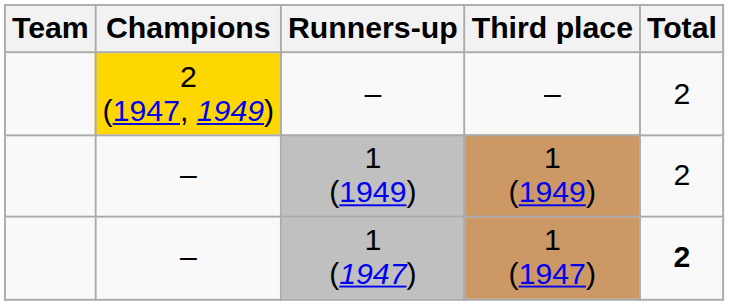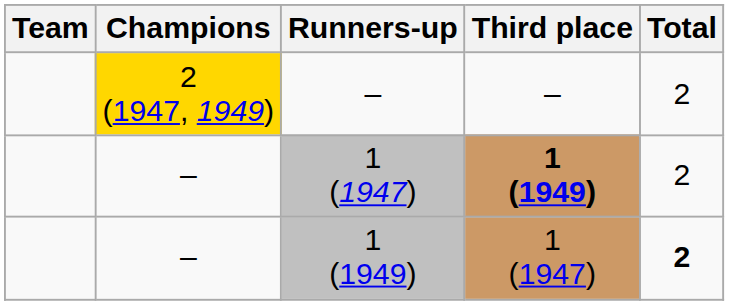 <table class="wikitable" style="text-align: center;">
 <tr>
 <th>Team</th>
 <th>Champions</th>
 <th>Runners-up</th>
 <th>Third place</th>
 <th>Total</th>
 </tr>
 <tr>
 <td align=left></td>
 <td style="background:gold">2<br>(<a href='#'>1947</a>, <em><a href='#'>1949</a></em>)</td>
 <td>–</td>
 <td>–</td>
 <td>2</td>
 </tr>
 <tr>
 <td align=left></td>
 <td>–</td>
-<td style="background:silver">1<br>(<a href='#'>1949</a>)</td>
-<td style="background:#c96">1<br>(<a href='#'>1949</a>)</td>
+<td style="background:silver">1<br>(<em><a href='#'>1947</a></em>)</td>
+<td style="background:#c96"><strong>1<br>(<a href='#'>1949</a>)</strong></td>
 <td>2</td>
 </tr>
 <tr>
 <td align=left></td>
 <td>–</td>
-<td style="background:silver">1<br>(<em><a href='#'>1947</a></em>)</td>
+<td style="background:silver">1<br>(<a href='#'>1949</a>)</td>
 <td style="background:#c96">1<br>(<a href='#'>1947</a>)</td>
 <td><strong>2</strong></td>
 </tr>
 </table>
